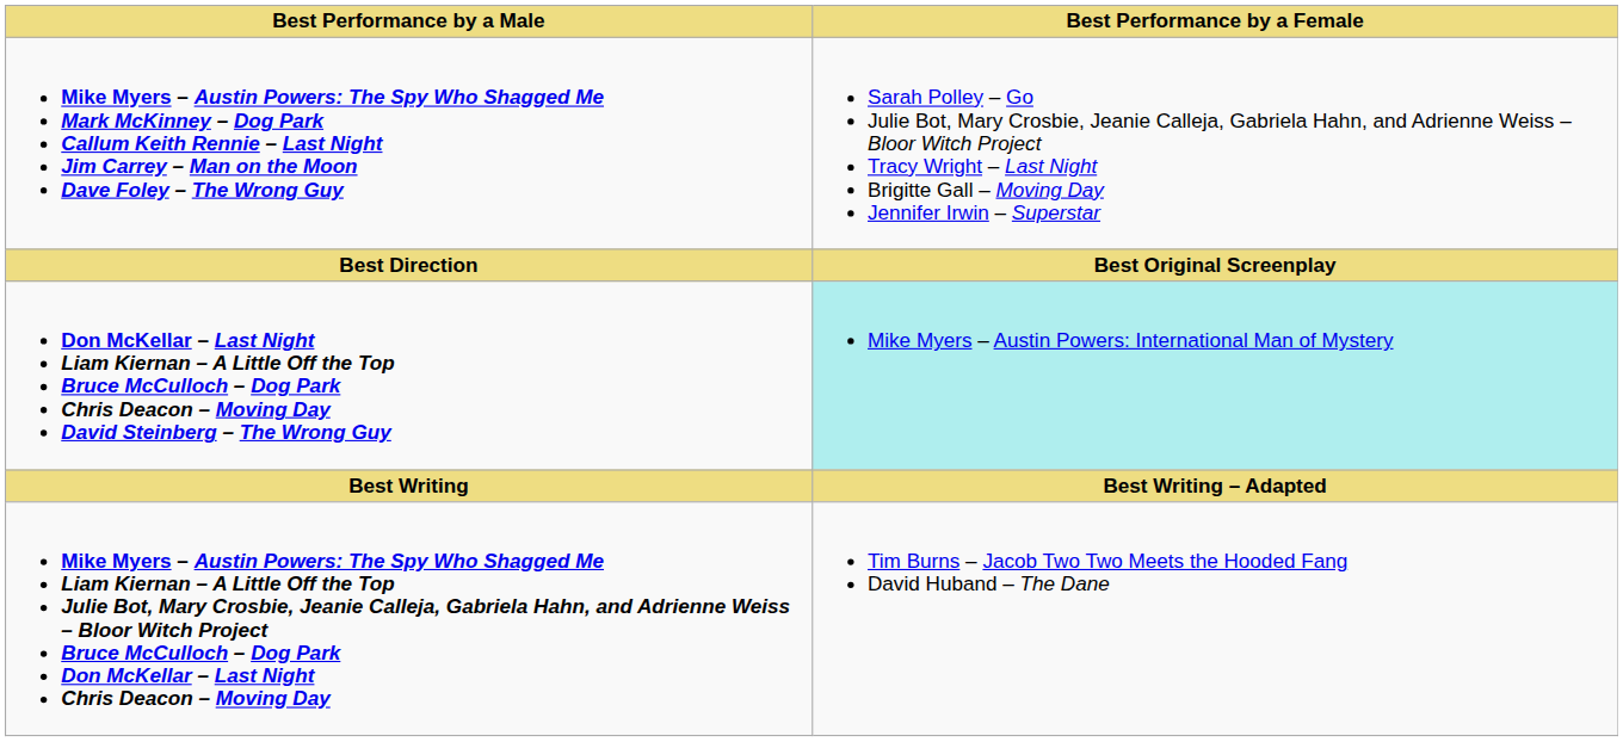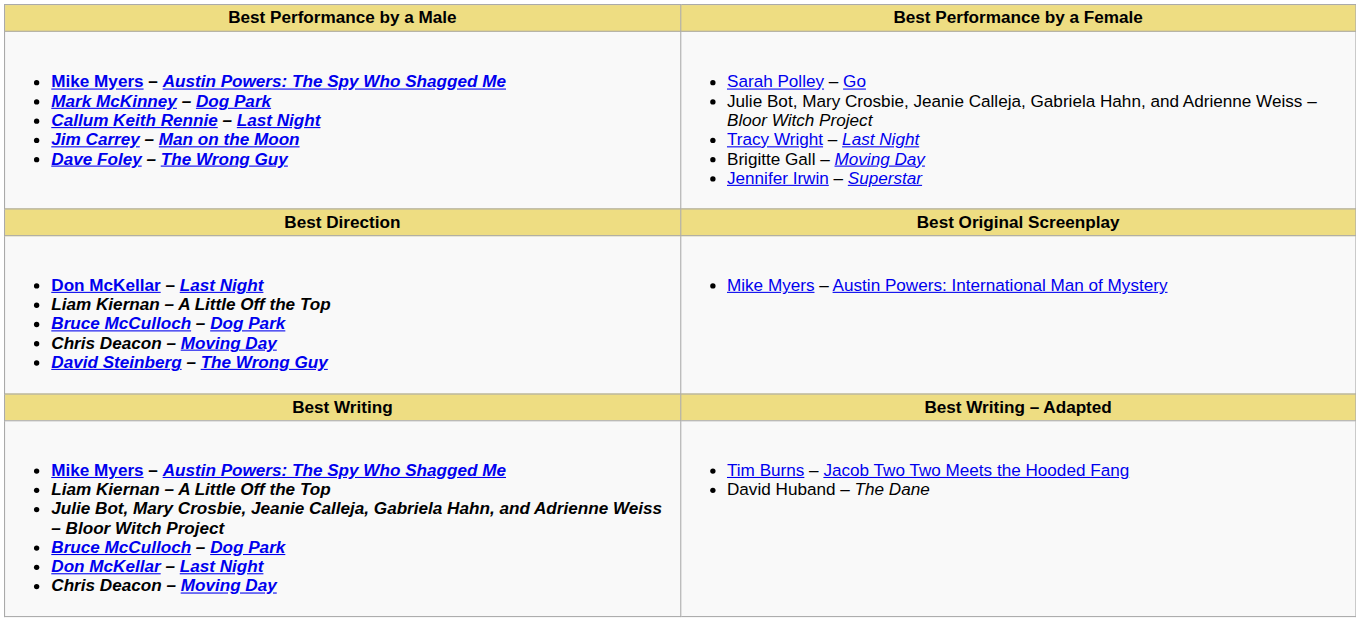 <table class="wikitable" style="width:100%;">
 <tr>
 <th style="background:#EEDD82; width:50%">Best Performance by a Male</th>
 <th style="background:#EEDD82; width:50%">Best Performance by a Female</th>
 </tr>
 <tr>
 <td valign="top"><br><ul><li> <strong><a href='#'>Mike Myers</a> – <em><a href='#'>Austin Powers: The Spy Who Shagged Me</a><strong><em></li><li><a href='#'>Mark McKinney</a> – </em><a href='#'>Dog Park</a><em></li><li><a href='#'>Callum Keith Rennie</a> – </em><a href='#'>Last Night</a><em></li><li><a href='#'>Jim Carrey</a> – </em><a href='#'>Man on the Moon</a><em></li><li><a href='#'>Dave Foley</a> – </em><a href='#'>The Wrong Guy</a><em></li></ul></td>
 <td valign="top"><br><ul><li> </strong><a href='#'>Sarah Polley</a> – </em><a href='#'>Go</a></em></strong></li><li>Julie Bot, Mary Crosbie, Jeanie Calleja, Gabriela Hahn, and Adrienne Weiss – <em>Bloor Witch Project</em></li><li><a href='#'>Tracy Wright</a> – <em><a href='#'>Last Night</a></em></li><li>Brigitte Gall – <em><a href='#'>Moving Day</a></em></li><li><a href='#'>Jennifer Irwin</a> – <em><a href='#'>Superstar</a></em></li></ul></td>
 </tr>
 <tr>
 <th style="background:#EEDD82; width:50%">Best Direction</th>
 <th style="background:#EEDD82; width:50%">Best Original Screenplay</th>
 </tr>
 <tr>
 <td valign="top"><br><ul><li> <strong><a href='#'>Don McKellar</a> – <em><a href='#'>Last Night</a><strong><em></li><li>Liam Kiernan – </em>A Little Off the Top<em></li><li><a href='#'>Bruce McCulloch</a> – </em><a href='#'>Dog Park</a><em></li><li>Chris Deacon – </em><a href='#'>Moving Day</a><em></li><li><a href='#'>David Steinberg</a> – </em><a href='#'>The Wrong Guy</a><em></li></ul></td>
-<td valign="top" style="background: paleturquoise;"><br><ul><li> </strong><a href='#'>Mike Myers</a> – </em><a href='#'>Austin Powers: International Man of Mystery</a></em></strong></li></ul></td>
+<td valign="top"><br><ul><li> </strong><a href='#'>Mike Myers</a> – </em><a href='#'>Austin Powers: International Man of Mystery</a></em></strong></li></ul></td>
 </tr>
 <tr>
 <th style="background:#EEDD82; width:50%">Best Writing</th>
 <th style="background:#EEDD82; width:50%">Best Writing – Adapted</th>
 </tr>
 <tr>
 <td valign="top"><br><ul><li> <strong><a href='#'>Mike Myers</a> – <em><a href='#'>Austin Powers: The Spy Who Shagged Me</a><strong><em></li><li>Liam Kiernan – </em>A Little Off the Top<em></li><li>Julie Bot, Mary Crosbie, Jeanie Calleja, Gabriela Hahn, and Adrienne Weiss – </em>Bloor Witch Project<em></li><li><a href='#'>Bruce McCulloch</a> – </em><a href='#'>Dog Park</a><em></li><li><a href='#'>Don McKellar</a> – </em><a href='#'>Last Night</a><em></li><li>Chris Deacon – </em><a href='#'>Moving Day</a><em></li></ul></td>
 <td valign="top"><br><ul><li> </strong><a href='#'>Tim Burns</a> – </em><a href='#'>Jacob Two Two Meets the Hooded Fang</a></em></strong></li><li>David Huband – <em>The Dane</em></li></ul></td>
 </tr>
 </table>
